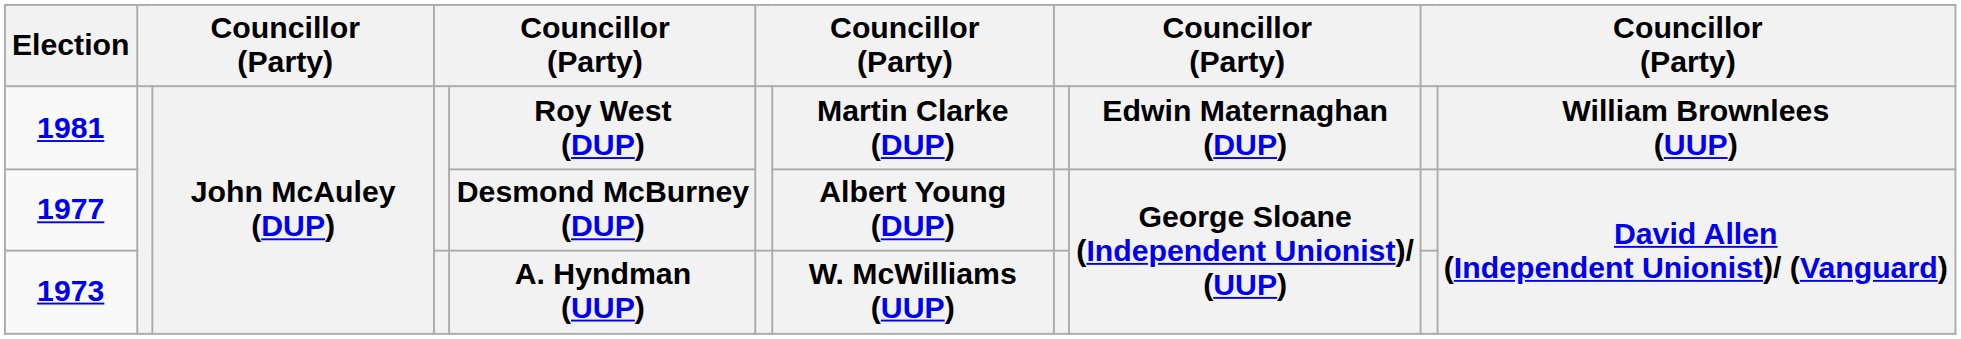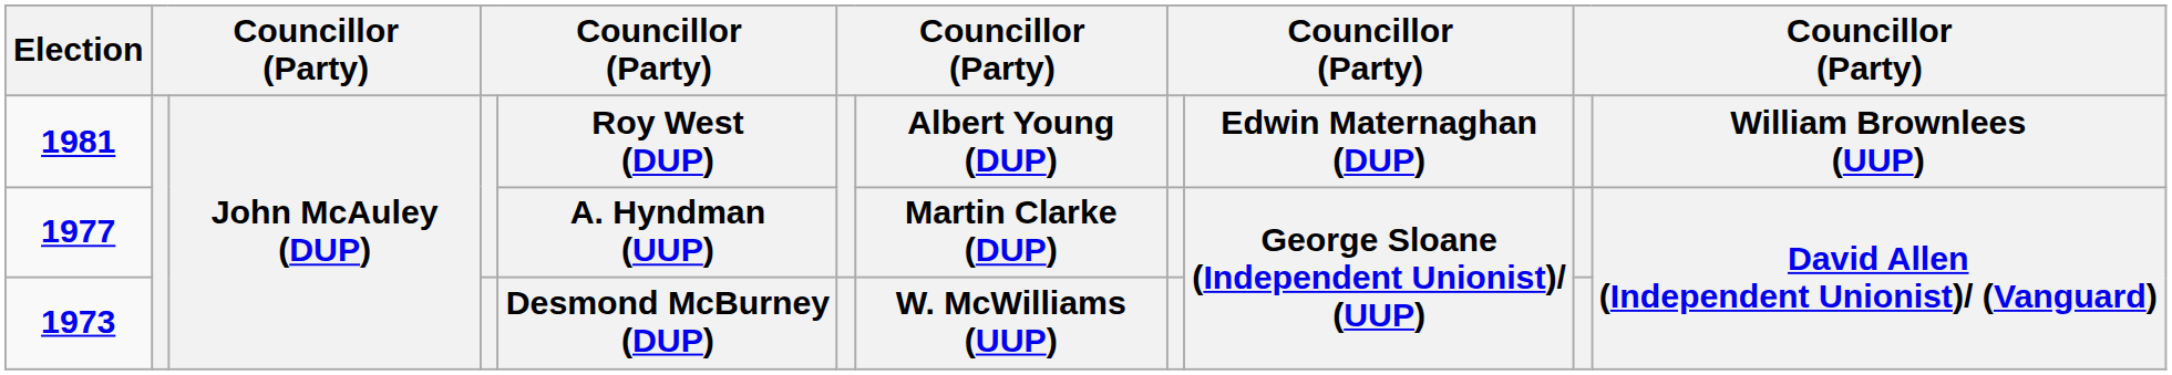 <table class="wikitable" style="text-align:center">
 <tr>
 <th scope="col" width="50">Election</th>
 <th scope="col" width="150" colspan = "2">Councillor<br> (Party)</th>
 <th scope="col" width="150" colspan = "2">Councillor<br> (Party)</th>
 <th scope="col" width="150" colspan = "2">Councillor<br> (Party)</th>
 <th scope="col" width="150" colspan = "2">Councillor<br> (Party)</th>
 <th scope="col" width="150" colspan = "2">Councillor<br> (Party)</th>
 </tr>
 <tr>
 <td><strong><a href='#'>1981</a></strong></td>
 <th rowspan="3" width="1" style="background-color: "></th>
 <th rowspan = "3">John McAuley <br> (<a href='#'>DUP</a>)</th>
 <th rowspan="2" width="1" style="background-color: "></th>
 <th rowspan = "1">Roy West <br> (<a href='#'>DUP</a>)</th>
 <th rowspan="2" width="1" style="background-color: "></th>
-<th rowspan = "1">Martin Clarke <br> (<a href='#'>DUP</a>)</th>
+<th rowspan = "1">Albert Young <br> (<a href='#'>DUP</a>)</th>
 <th rowspan="1" width="1" style="background-color: "></th>
 <th rowspan = "1">Edwin Maternaghan <br> (<a href='#'>DUP</a>)</th>
 <th rowspan="1" width="1" style="background-color: "></th>
 <th rowspan = "1">William Brownlees <br> (<a href='#'>UUP</a>)</th>
 </tr>
 <tr>
 <td><strong><a href='#'>1977</a></strong></td>
-<th rowspan = "1">Desmond McBurney <br> (<a href='#'>DUP</a>)</th>
-<th rowspan = "1">Albert Young <br> (<a href='#'>DUP</a>)</th>
+<th rowspan = "1">A. Hyndman <br> (<a href='#'>UUP</a>)</th>
+<th rowspan = "1">Martin Clarke <br> (<a href='#'>DUP</a>)</th>
 <th rowspan="1" width="1" style="background-color: "></th>
 <th rowspan = "2">George Sloane <br> (<a href='#'>Independent Unionist</a>)/ <br> (<a href='#'>UUP</a>)</th>
 <th rowspan="1" width="1" style="background-color: "></th>
 <th rowspan = "2"><a href='#'>David Allen</a> <br> (<a href='#'>Independent Unionist</a>)/ (<a href='#'>Vanguard</a>)</th>
 </tr>
 <tr>
 <td><strong><a href='#'>1973</a></strong></td>
 <th rowspan="1" width="1" style="background-color: "></th>
-<th rowspan = "1">A. Hyndman <br> (<a href='#'>UUP</a>)</th>
+<th rowspan = "1">Desmond McBurney <br> (<a href='#'>DUP</a>)</th>
 <th rowspan="1" width="1" style="background-color: "></th>
 <th rowspan = "1">W. McWilliams <br> (<a href='#'>UUP</a>)</th>
 <th rowspan="1" width="1" style="background-color: "></th>
 <th rowspan="1" width="1" style="background-color: "></th>
 </tr>
 </table>
